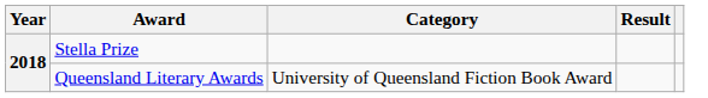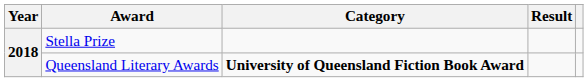 <table class="wikitable sortable">
 <tr>
 <th>Year</th>
 <th>Award</th>
 <th>Category</th>
 <th>Result</th>
 <th></th>
 </tr>
 <tr>
 <th rowspan="2">2018</th>
 <td><a href='#'>Stella Prize</a></td>
 <td></td>
 <td></td>
 <td></td>
 </tr>
 <tr>
 <td><a href='#'>Queensland Literary Awards</a></td>
-<td>University of Queensland Fiction Book Award</td>
+<td><strong>University of Queensland Fiction Book Award</strong></td>
 <td></td>
 <td></td>
 </tr>
 </table>
